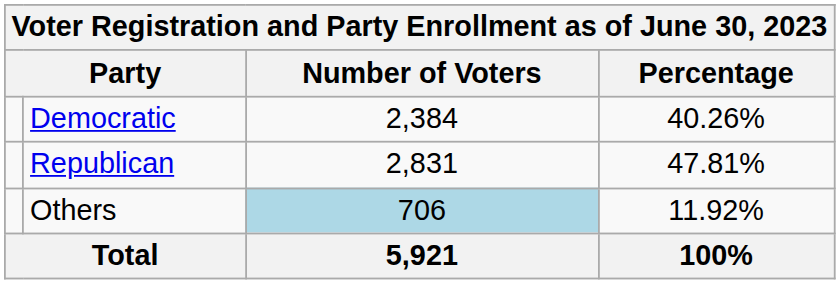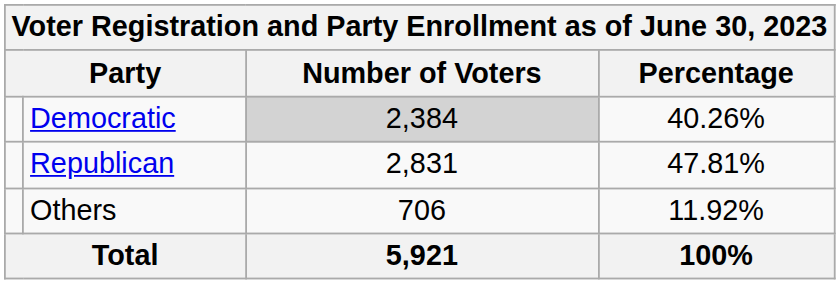 <table class=wikitable>
 <tr>
 <th colspan = 6>Voter Registration and Party Enrollment as of June 30, 2023</th>
 </tr>
 <tr>
 <th colspan = 2>Party</th>
 <th>Number of Voters</th>
 <th>Percentage</th>
 </tr>
 <tr>
 <td></td>
 <td><a href='#'>Democratic</a></td>
-<td align = center>2,384</td>
+<td align = center style="background: lightgrey;">2,384</td>
 <td align = center>40.26%</td>
 </tr>
 <tr>
 <td></td>
 <td><a href='#'>Republican</a></td>
 <td align = center>2,831</td>
 <td align = center>47.81%</td>
 </tr>
 <tr>
 <td></td>
 <td>Others</td>
-<td align = center style="background: lightblue;">706</td>
+<td align = center>706</td>
 <td align = center>11.92%</td>
 </tr>
 <tr>
 <th colspan = 2>Total</th>
 <th align = center>5,921</th>
 <th align = center>100%</th>
 </tr>
 </table>
